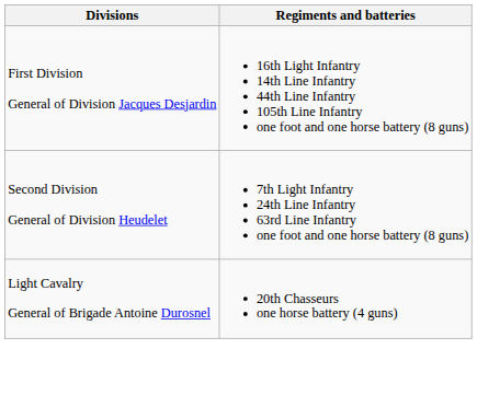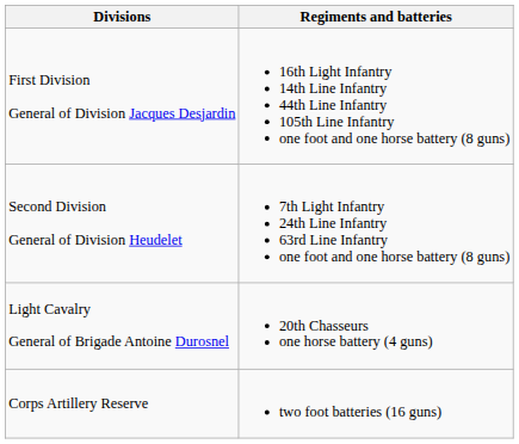 <table class="wikitable">
 <tr>
 <th><strong>Divisions</strong></th>
 <th><strong>Regiments and batteries</strong></th>
 </tr>
 <tr>
 <td>First Division<br><br> General of Division <a href='#'>Jacques Desjardin</a></td>
 <td><br><ul><li>16th Light Infantry</li><li>14th Line Infantry</li><li>44th Line Infantry</li><li>105th Line Infantry</li><li>one foot and one horse battery (8 guns)</li></ul></td>
 </tr>
 <tr>
 <td>Second Division<br><br> General of Division <a href='#'>Heudelet</a></td>
 <td><br><ul><li>7th Light Infantry</li><li>24th Line Infantry</li><li>63rd Line Infantry</li><li>one foot and one horse battery (8 guns)</li></ul></td>
 </tr>
 <tr>
 <td>Light Cavalry<br><br> General of Brigade Antoine <a href='#'>Durosnel</a></td>
 <td><br><ul><li>20th Chasseurs</li><li>one horse battery (4 guns)</li></ul></td>
 </tr>
+<tr>
+<td>Corps Artillery Reserve</td>
+<td><br><ul><li>two foot batteries (16 guns)</li></ul></td>
+</tr>
 </table>
